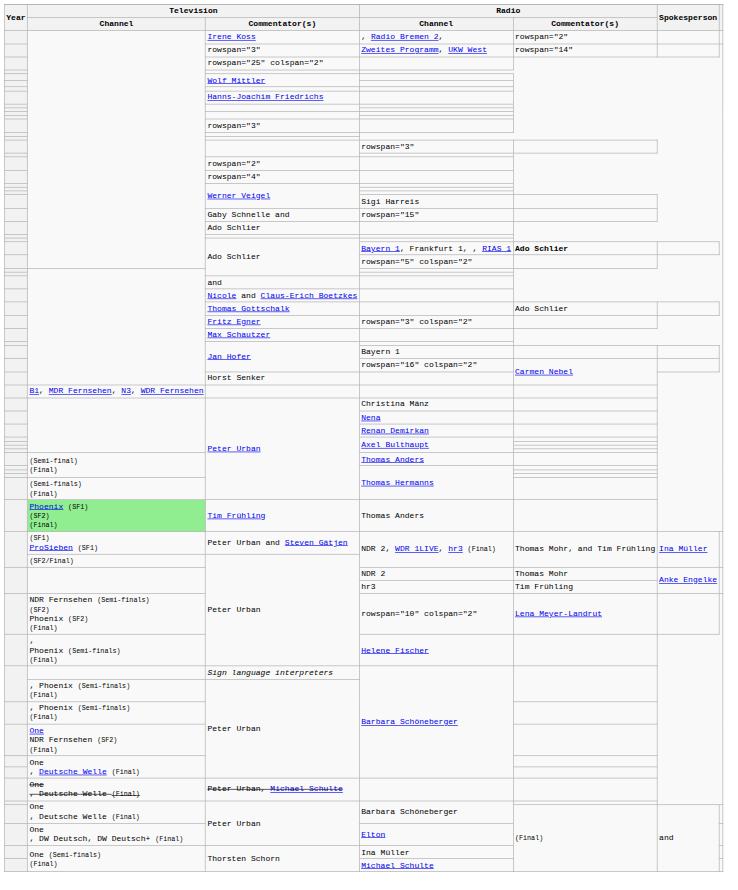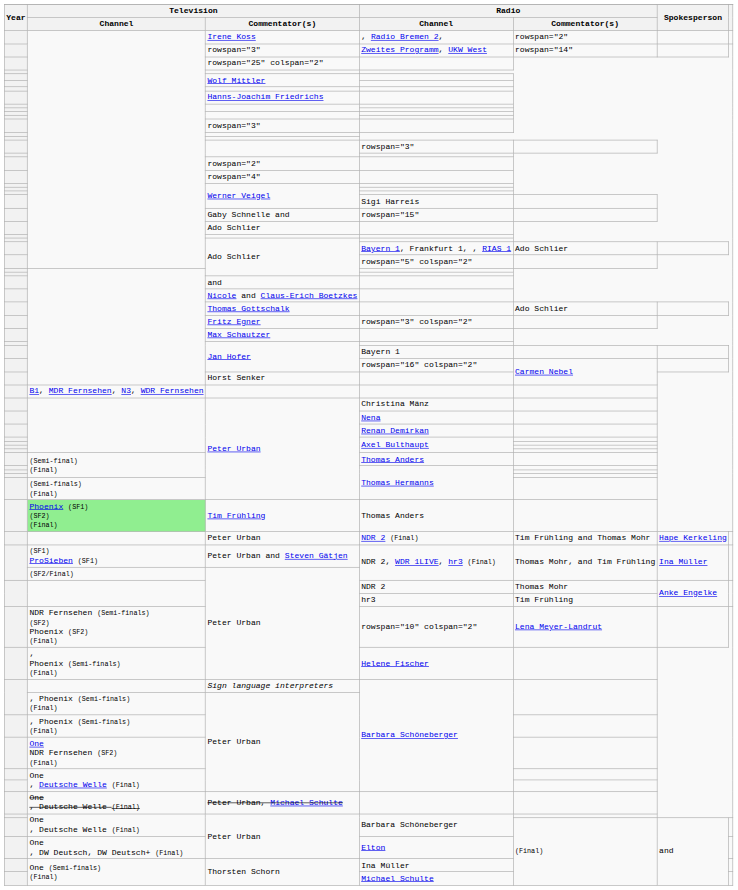 <table class="wikitable plainrowheaders sticky-header">
 <tr>
 </tr>
 <tr>
 <th rowspan="2">Year</th>
 <th colspan="2">Television</th>
 <th colspan="2">Radio</th>
 <th rowspan="2">Spokesperson</th>
 <th rowspan="2" class="unsortable"></th>
 </tr>
 <tr>
 <th>Channel</th>
 <th>Commentator(s)</th>
 <th>Channel</th>
 <th>Commentator(s)</th>
 </tr>
 <tr>
 <th scope="row"></th>
 <td rowspan="29"></td>
 <td><a href='#'>Irene Koss</a></td>
 <td>, <a href='#'>Radio Bremen 2</a>, </td>
 <td>rowspan="2" </td>
 <td></td>
 <td style="text-align:center"></td>
 </tr>
 <tr>
 <th scope="row"></th>
 <td>rowspan="3" </td>
 <td><a href='#'>Zweites Programm</a>, <a href='#'>UKW West</a></td>
 <td>rowspan="14" </td>
 <td style="text-align:center"></td>
 </tr>
 <tr>
 <th scope="row"></th>
 <td>rowspan="25" colspan="2" </td>
 <td style="text-align:center"></td>
 </tr>
 <tr>
 <th scope="row"></th>
 <td style="text-align:center"></td>
 </tr>
 <tr>
 <th scope="row"></th>
 <td rowspan="2"><a href='#'>Wolf Mittler</a></td>
 <td></td>
 </tr>
 <tr>
 <th scope="row"></th>
 <td style="text-align:center"></td>
 </tr>
 <tr>
 <th scope="row"></th>
 <td></td>
 <td style="text-align:center"></td>
 </tr>
 <tr>
 <th scope="row"></th>
 <td><a href='#'>Hanns-Joachim Friedrichs</a></td>
 <td style="text-align:center"></td>
 </tr>
 <tr>
 <th scope="row"></th>
 <td rowspan="2"></td>
 <td style="text-align:center"></td>
 </tr>
 <tr>
 <th scope="row"></th>
 <td style="text-align:center"></td>
 </tr>
 <tr>
 <th scope="row"></th>
 <td rowspan="2"></td>
 <td style="text-align:center"></td>
 </tr>
 <tr>
 <th scope="row"></th>
 <td style="text-align:center"></td>
 </tr>
 <tr>
 <th scope="row"></th>
 <td>rowspan="3" </td>
 <td style="text-align:center"></td>
 </tr>
 <tr>
 <th scope="row"></th>
 <td style="text-align:center"></td>
 </tr>
 <tr>
 <th scope="row"></th>
 <td style="text-align:center"></td>
 </tr>
 <tr>
 <th scope="row"></th>
 <td rowspan="2"></td>
 <td>rowspan="3" </td>
 <td style="text-align:center"></td>
 </tr>
 <tr>
 <th scope="row"></th>
 <td style="text-align:center"></td>
 </tr>
 <tr>
 <th scope="row"></th>
 <td>rowspan="2" </td>
 <td style="text-align:center"></td>
 </tr>
 <tr>
 <th scope="row"></th>
 <td>rowspan="4" </td>
 <td style="text-align:center"></td>
 </tr>
 <tr>
 <th scope="row"></th>
 <td rowspan="4"><a href='#'>Werner Veigel</a></td>
 <td style="text-align:center"></td>
 </tr>
 <tr>
 <th scope="row"></th>
 <td style="text-align:center"></td>
 </tr>
 <tr>
 <th scope="row"></th>
 <td style="text-align:center"></td>
 </tr>
 <tr>
 <th scope="row"></th>
 <td>Sigi Harreis</td>
 <td style="text-align:center"></td>
 </tr>
 <tr>
 <th scope="row"></th>
 <td>Gaby Schnelle and </td>
 <td>rowspan="15" </td>
 <td style="text-align:center"></td>
 </tr>
 <tr>
 <th scope="row"></th>
 <td>Ado Schlier</td>
 <td style="text-align:center"></td>
 </tr>
 <tr>
 <th scope="row"></th>
 <td></td>
 <td style="text-align:center"></td>
 </tr>
 <tr>
 <th scope="row"></th>
 <td rowspan="5">Ado Schlier</td>
 <td style="text-align:center"></td>
 </tr>
 <tr>
 <th scope="row"></th>
 <td><a href='#'>Bayern 1</a>, Frankfurt 1, , <a href='#'>RIAS 1</a></td>
-<td><strong>Ado Schlier</strong></td>
+<td>Ado Schlier</td>
 <td style="text-align:center"></td>
 </tr>
 <tr>
 <th scope="row"></th>
 <td>rowspan="5" colspan="2" </td>
 <td style="text-align:center"></td>
 </tr>
 <tr>
 <th scope="row"></th>
 <td rowspan="11"></td>
 <td style="text-align:center"></td>
 </tr>
 <tr>
 <th scope="row"></th>
 <td style="text-align:center"></td>
 </tr>
 <tr>
 <th scope="row"></th>
 <td> and </td>
 <td style="text-align:center"></td>
 </tr>
 <tr>
 <th scope="row"></th>
 <td><a href='#'>Nicole</a> and <a href='#'>Claus-Erich Boetzkes</a></td>
 <td style="text-align:center"></td>
 </tr>
 <tr>
 <th scope="row"></th>
 <td><a href='#'>Thomas Gottschalk</a></td>
 <td></td>
 <td>Ado Schlier</td>
 <td style="text-align:center"></td>
 </tr>
 <tr>
 <th scope="row"></th>
 <td><a href='#'>Fritz Egner</a></td>
 <td>rowspan="3" colspan="2" </td>
 <td style="text-align:center"></td>
 </tr>
 <tr>
 <th scope="row"></th>
 <td><a href='#'>Max Schautzer</a></td>
 <td style="text-align:center"></td>
 </tr>
 <tr>
 <th scope="row"></th>
 <td rowspan="3"><a href='#'>Jan Hofer</a></td>
 <td style="text-align:center"></td>
 </tr>
 <tr>
 <th scope="row"></th>
 <td>Bayern 1</td>
 <td></td>
 <td style="text-align:center"></td>
 </tr>
 <tr>
 <th scope="row"></th>
 <td>rowspan="16" colspan="2" </td>
 <td rowspan="2"><a href='#'>Carmen Nebel</a></td>
 <td style="text-align:center"></td>
 </tr>
 <tr>
 <th scope="row"></th>
 <td>Horst Senker</td>
 <td style="text-align:center"></td>
 </tr>
 <tr>
 <th scope="row"></th>
 <td><a href='#'>B1</a>, <a href='#'>MDR Fernsehen</a>, <a href='#'>N3</a>, <a href='#'>WDR Fernsehen</a></td>
 <td></td>
 <td></td>
 <td style="text-align:center"></td>
 </tr>
 <tr>
 <th scope="row"></th>
 <td rowspan="7"></td>
 <td rowspan="12"><a href='#'>Peter Urban</a></td>
 <td>Christina Mänz</td>
 <td style="text-align:center"></td>
 </tr>
 <tr>
 <th scope="row"></th>
 <td><a href='#'>Nena</a></td>
 <td></td>
 </tr>
 <tr>
 <th scope="row"></th>
 <td><a href='#'>Renan Demirkan</a></td>
 <td></td>
 </tr>
 <tr>
 <th scope="row"></th>
 <td rowspan="4"><a href='#'>Axel Bulthaupt</a></td>
 <td></td>
 </tr>
 <tr>
 <th scope="row"></th>
 <td></td>
 </tr>
 <tr>
 <th scope="row"></th>
 <td></td>
 </tr>
 <tr>
 <th scope="row"></th>
 <td></td>
 </tr>
 <tr>
 <th scope="row"></th>
 <td rowspan="4"> <small>(Semi-final)</small><br>  <small>(Final)</small></td>
 <td><a href='#'>Thomas Anders</a></td>
 <td></td>
 </tr>
 <tr>
 <th scope="row"></th>
 <td rowspan="4"><a href='#'>Thomas Hermanns</a></td>
 <td></td>
 </tr>
 <tr>
 <th scope="row"></th>
 <td></td>
 </tr>
 <tr>
 <th scope="row"></th>
 <td></td>
 </tr>
 <tr>
 <th scope="row"></th>
 <td> <small>(Semi-finals)</small><br>  <small>(Final)</small></td>
 <td></td>
 </tr>
 <tr>
 <th scope="row"></th>
 <td style="background: lightgreen;"><a href='#'>Phoenix</a> <small>(SF1)</small><br> <small>(SF2)</small><br>  <small>(Final)</small></td>
 <td><a href='#'>Tim Frühling</a></td>
 <td>Thomas Anders</td>
 <td></td>
 </tr>
 <tr>
+<th scope="row"></th>
+<td></td>
+<td>Peter Urban</td>
+<td><a href='#'>NDR 2</a> <small>(Final)</small></td>
+<td>Tim Frühling and Thomas Mohr</td>
+<td><a href='#'>Hape Kerkeling</a></td>
+<td></td>
+</tr>
+<tr>
 <th scope="rowgroup" rowspan="2"></th>
 <td> <small>(SF1)</small><br> <a href='#'>ProSieben</a> <small>(SF1)</small></td>
 <td>Peter Urban and <a href='#'>Steven Gätjen</a></td>
 <td rowspan="2">NDR 2, <a href='#'>WDR 1LIVE</a>, <a href='#'>hr3</a> <small>(Final)</small></td>
 <td rowspan="2">Thomas Mohr,  and Tim Frühling</td>
 <td rowspan="2"><a href='#'>Ina Müller</a></td>
 <td rowspan="2"></td>
 </tr>
 <tr>
 <td> <small>(SF2/Final)</small></td>
 <td rowspan="5">Peter Urban</td>
 </tr>
 <tr>
 <th scope="row" rowspan="2"></th>
 <td rowspan="2"></td>
 <td>NDR 2</td>
 <td>Thomas Mohr</td>
 <td rowspan="2"><a href='#'>Anke Engelke</a></td>
 <td rowspan="2"></td>
 </tr>
 <tr>
 <td>hr3</td>
 <td>Tim Frühling</td>
 </tr>
 <tr>
 <th scope="row"></th>
 <td>NDR Fernsehen <small>(Semi-finals)</small><br>  <small>(SF2)</small><br> Phoenix <small>(SF2)</small><br>  <small>(Final)</small><br></td>
 <td>rowspan="10" colspan="2" </td>
 <td><a href='#'>Lena Meyer-Landrut</a></td>
 <td></td>
 </tr>
 <tr>
 <th scope="row"></th>
 <td>,  <br> Phoenix <small>(Semi-finals)</small><br>  <small>(Final)</small><br></td>
 <td><a href='#'>Helene Fischer</a></td>
 <td></td>
 </tr>
 <tr>
 <th scope="row" rowspan="2"></th>
 <td></td>
 <td><em>Sign language interpreters</em></td>
 <td rowspan="6"><a href='#'>Barbara Schöneberger</a></td>
 <td rowspan="2"></td>
 </tr>
 <tr>
 <td>, Phoenix <small>(Semi-finals)</small><br>  <small>(Final)</small></td>
 <td rowspan="5">Peter Urban</td>
 </tr>
 <tr>
 <th scope="row"></th>
 <td>, Phoenix <small>(Semi-finals)</small><br> <small>(Final)</small></td>
 <td></td>
 </tr>
 <tr>
 <th scope="row"></th>
 <td><a href='#'>One</a> <br> NDR Fernsehen <small>(SF2)</small><br>  <small>(Final)</small></td>
 <td></td>
 </tr>
 <tr>
 <th scope="row"></th>
 <td rowspan="2">One <br> , <a href='#'>Deutsche Welle</a> <small>(Final)</small></td>
 <td></td>
 </tr>
 <tr>
 <th scope="row"></th>
 <td></td>
 </tr>
 <tr>
 <th scope="row"><s></s></th>
 <td><s> One <br> , Deutsche Welle <small>(Final)</small></s></td>
 <td><s>Peter Urban, <a href='#'>Michael Schulte</a></s></td>
 <td></td>
 <td></td>
 </tr>
 <tr>
 <th scope="row"></th>
 <td rowspan="2">One <br> , Deutsche Welle <small>(Final)</small></td>
 <td rowspan="3">Peter Urban</td>
 <td rowspan="2">Barbara Schöneberger</td>
 <td></td>
 </tr>
 <tr>
 <th scope="row"></th>
 <td rowspan="4"> <small>(Final)</small></td>
 <td rowspan="4"> and </td>
 <td></td>
 </tr>
 <tr>
 <th scope="row"></th>
 <td>One <br> , DW Deutsch, DW Deutsch+ <small>(Final)</small></td>
 <td><a href='#'>Elton</a></td>
 <td></td>
 </tr>
 <tr>
 <th scope="row"></th>
 <td rowspan="2">One <small>(Semi-finals)</small><br>  <small>(Final)</small></td>
 <td rowspan="2">Thorsten Schorn</td>
 <td>Ina Müller</td>
 <td></td>
 </tr>
 <tr>
 <th scope="row"></th>
 <td><a href='#'>Michael Schulte</a></td>
 <td></td>
 </tr>
 </table>
